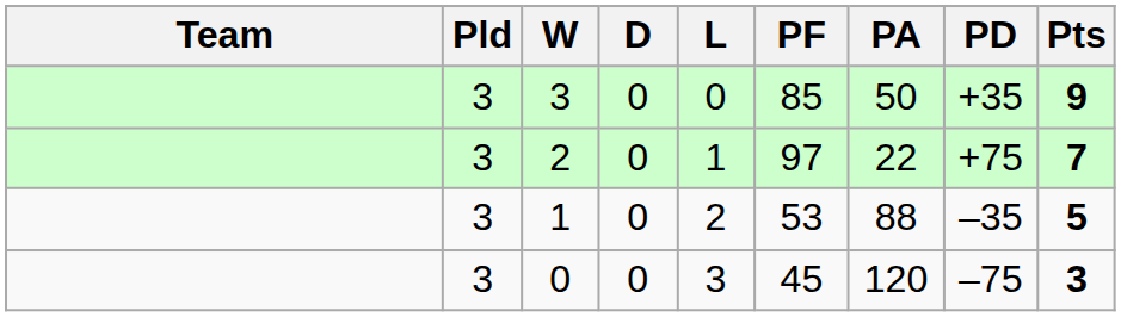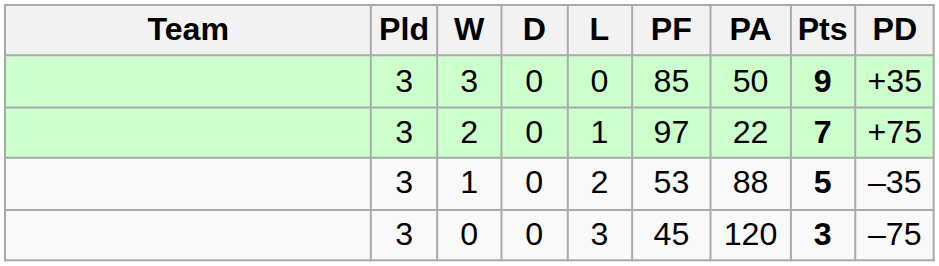 <table class="wikitable" style="text-align:center;">
 <tr>
 <th width=175>Team</th>
 <th width=25 abbr="Played">Pld</th>
 <th width=25 abbr="Won">W</th>
 <th width=25 abbr="Drawn">D</th>
 <th width=25 abbr="Lost">L</th>
 <th width=32 abbr="Points for">PF</th>
 <th width=32 abbr="Points against">PA</th>
+<th width=25 abbr="Points">Pts</th>
 <th width=32 abbr="Points difference">PD</th>
-<th width=25 abbr="Points">Pts</th>
 </tr>
 <tr bgcolor=ccffcc>
 <td align=left></td>
 <td>3</td>
 <td>3</td>
 <td>0</td>
 <td>0</td>
 <td>85</td>
 <td>50</td>
+<td><strong>9</strong></td>
 <td>+35</td>
-<td><strong>9</strong></td>
 </tr>
 <tr bgcolor=ccffcc>
 <td align=left></td>
 <td>3</td>
 <td>2</td>
 <td>0</td>
 <td>1</td>
 <td>97</td>
 <td>22</td>
+<td><strong>7</strong></td>
 <td>+75</td>
-<td><strong>7</strong></td>
 </tr>
 <tr>
 <td align=left></td>
 <td>3</td>
 <td>1</td>
 <td>0</td>
 <td>2</td>
 <td>53</td>
 <td>88</td>
+<td><strong>5</strong></td>
 <td>–35</td>
-<td><strong>5</strong></td>
 </tr>
 <tr>
 <td align=left></td>
 <td>3</td>
 <td>0</td>
 <td>0</td>
 <td>3</td>
 <td>45</td>
 <td>120</td>
+<td><strong>3</strong></td>
 <td>–75</td>
-<td><strong>3</strong></td>
 </tr>
 </table>
